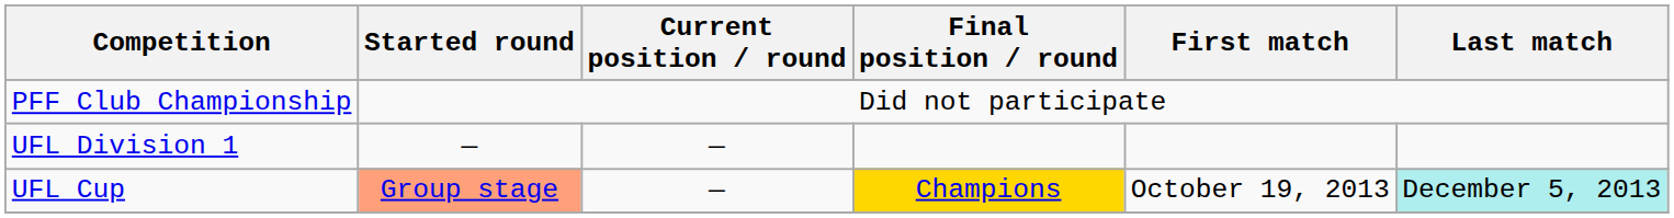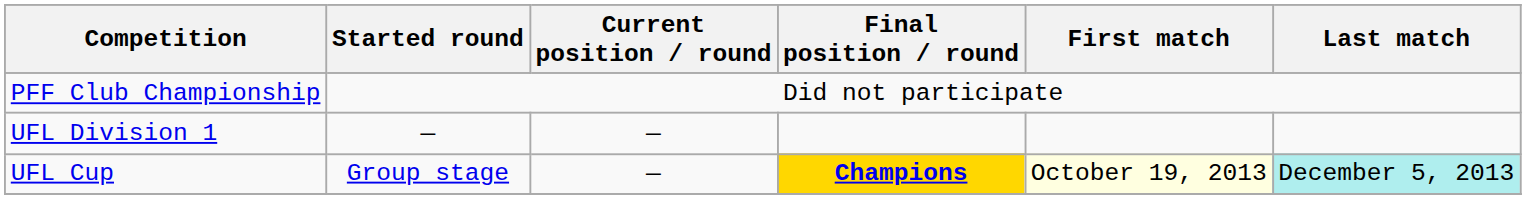 <table class="wikitable" style="text-align:center">
 <tr>
 <th>Competition</th>
 <th>Started round</th>
 <th>Current<br>position / round</th>
 <th>Final<br>position / round</th>
 <th>First match</th>
 <th>Last match</th>
 </tr>
 <tr>
 <td align=left><a href='#'>PFF Club Championship</a></td>
 <td colspan="6" style="text-align:center;">Did not participate</td>
 </tr>
 <tr>
 <td align=left><a href='#'>UFL Division 1</a></td>
 <td>—</td>
 <td>—</td>
 <td></td>
 <td></td>
 <td></td>
 </tr>
 <tr>
 <td align=left><a href='#'>UFL Cup</a></td>
-<td style="background: lightsalmon;"><a href='#'>Group stage</a></td>
+<td><a href='#'>Group stage</a></td>
 <td>—</td>
-<td style="text-align:center; background:gold;"><a href='#'>Champions</a></td>
-<td>October 19, 2013</td>
+<td style="text-align:center; background:gold;"><strong><a href='#'>Champions</a></strong></td>
+<td style="background: lightyellow;">October 19, 2013</td>
 <td style="background: paleturquoise;">December 5, 2013</td>
 </tr>
 <tr>
 </tr>
 </table>
